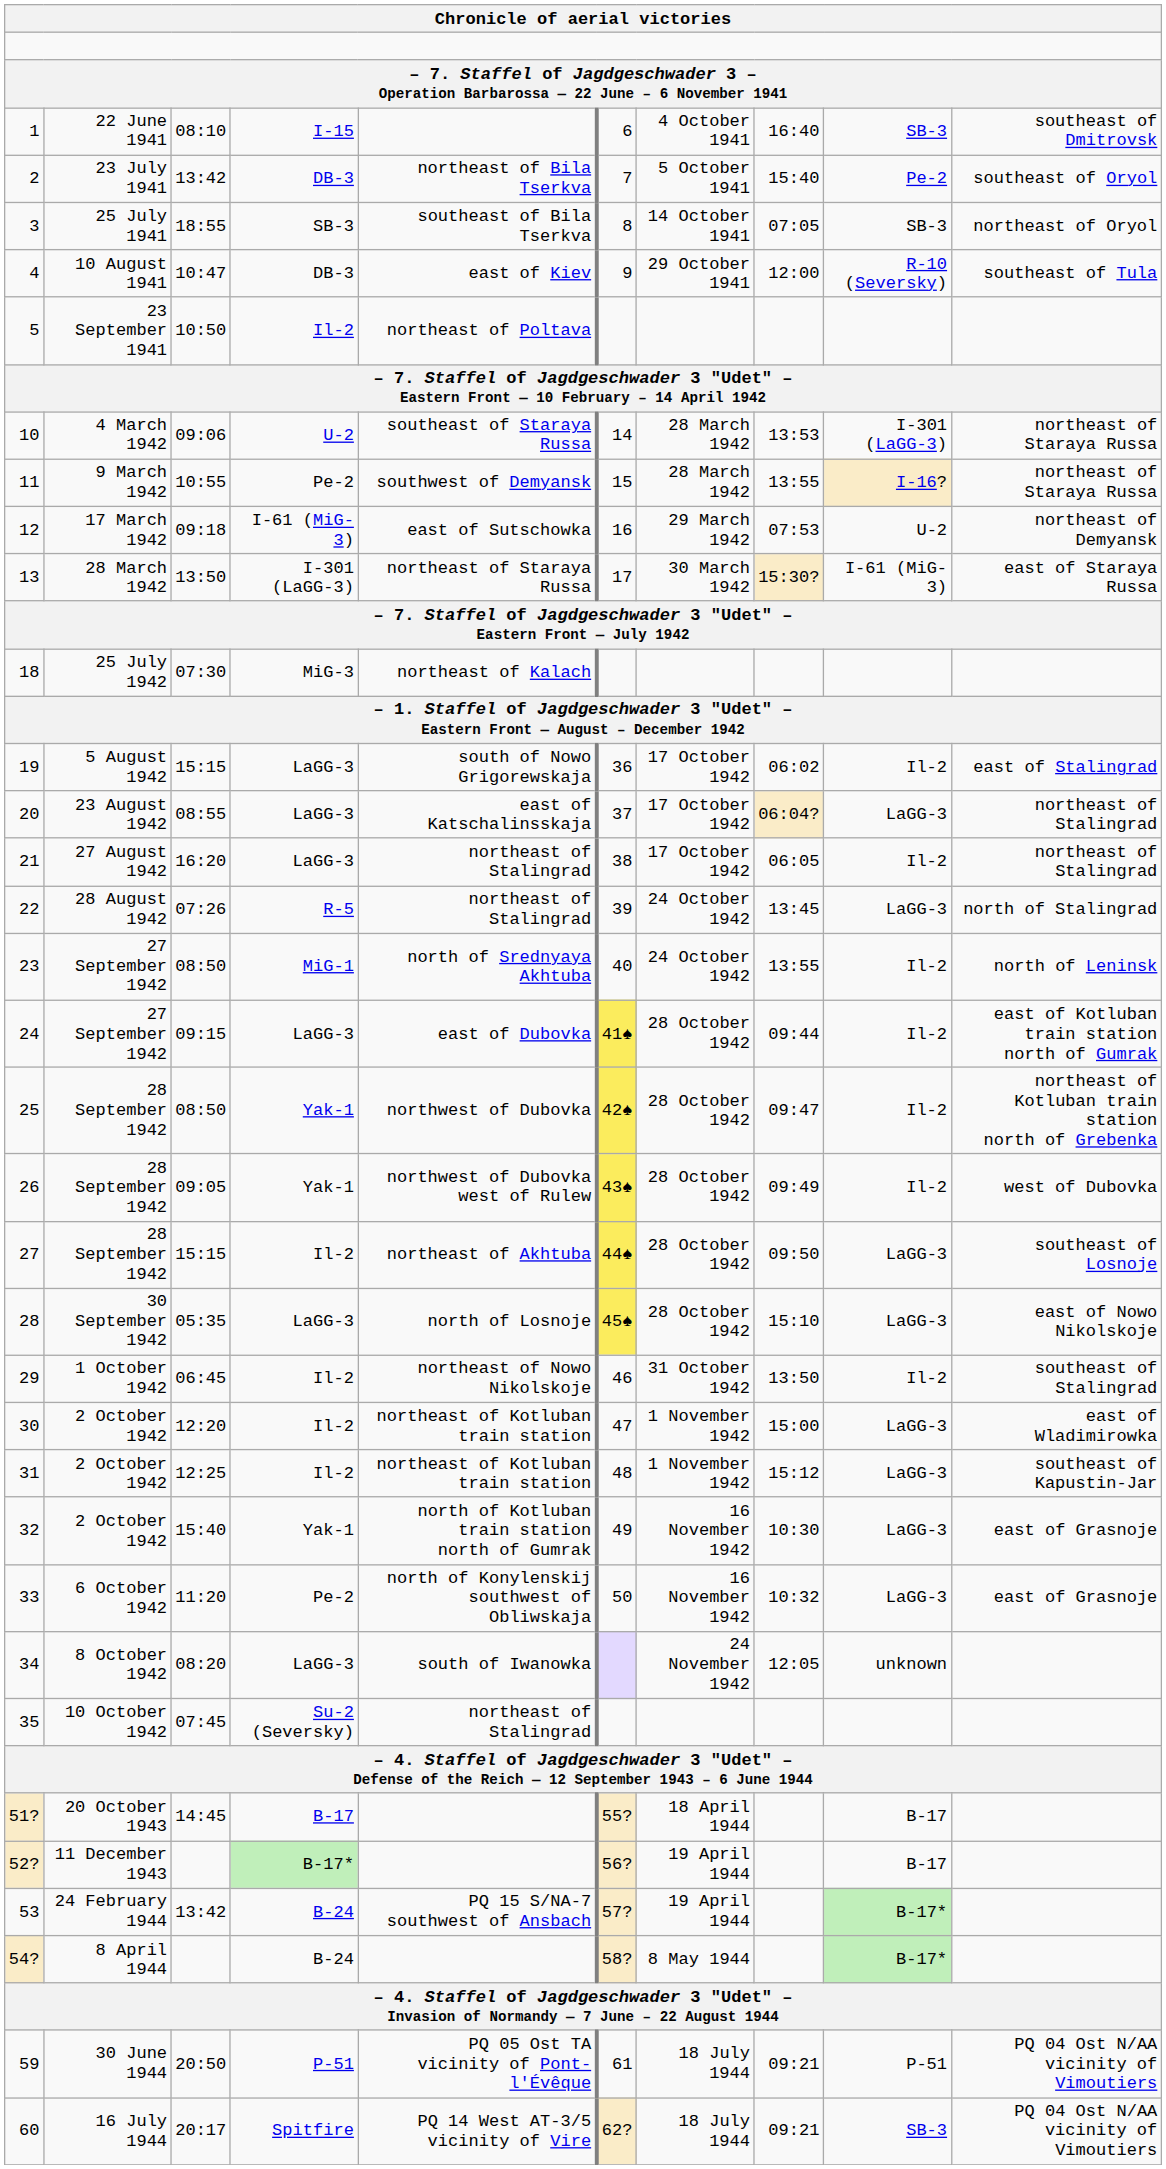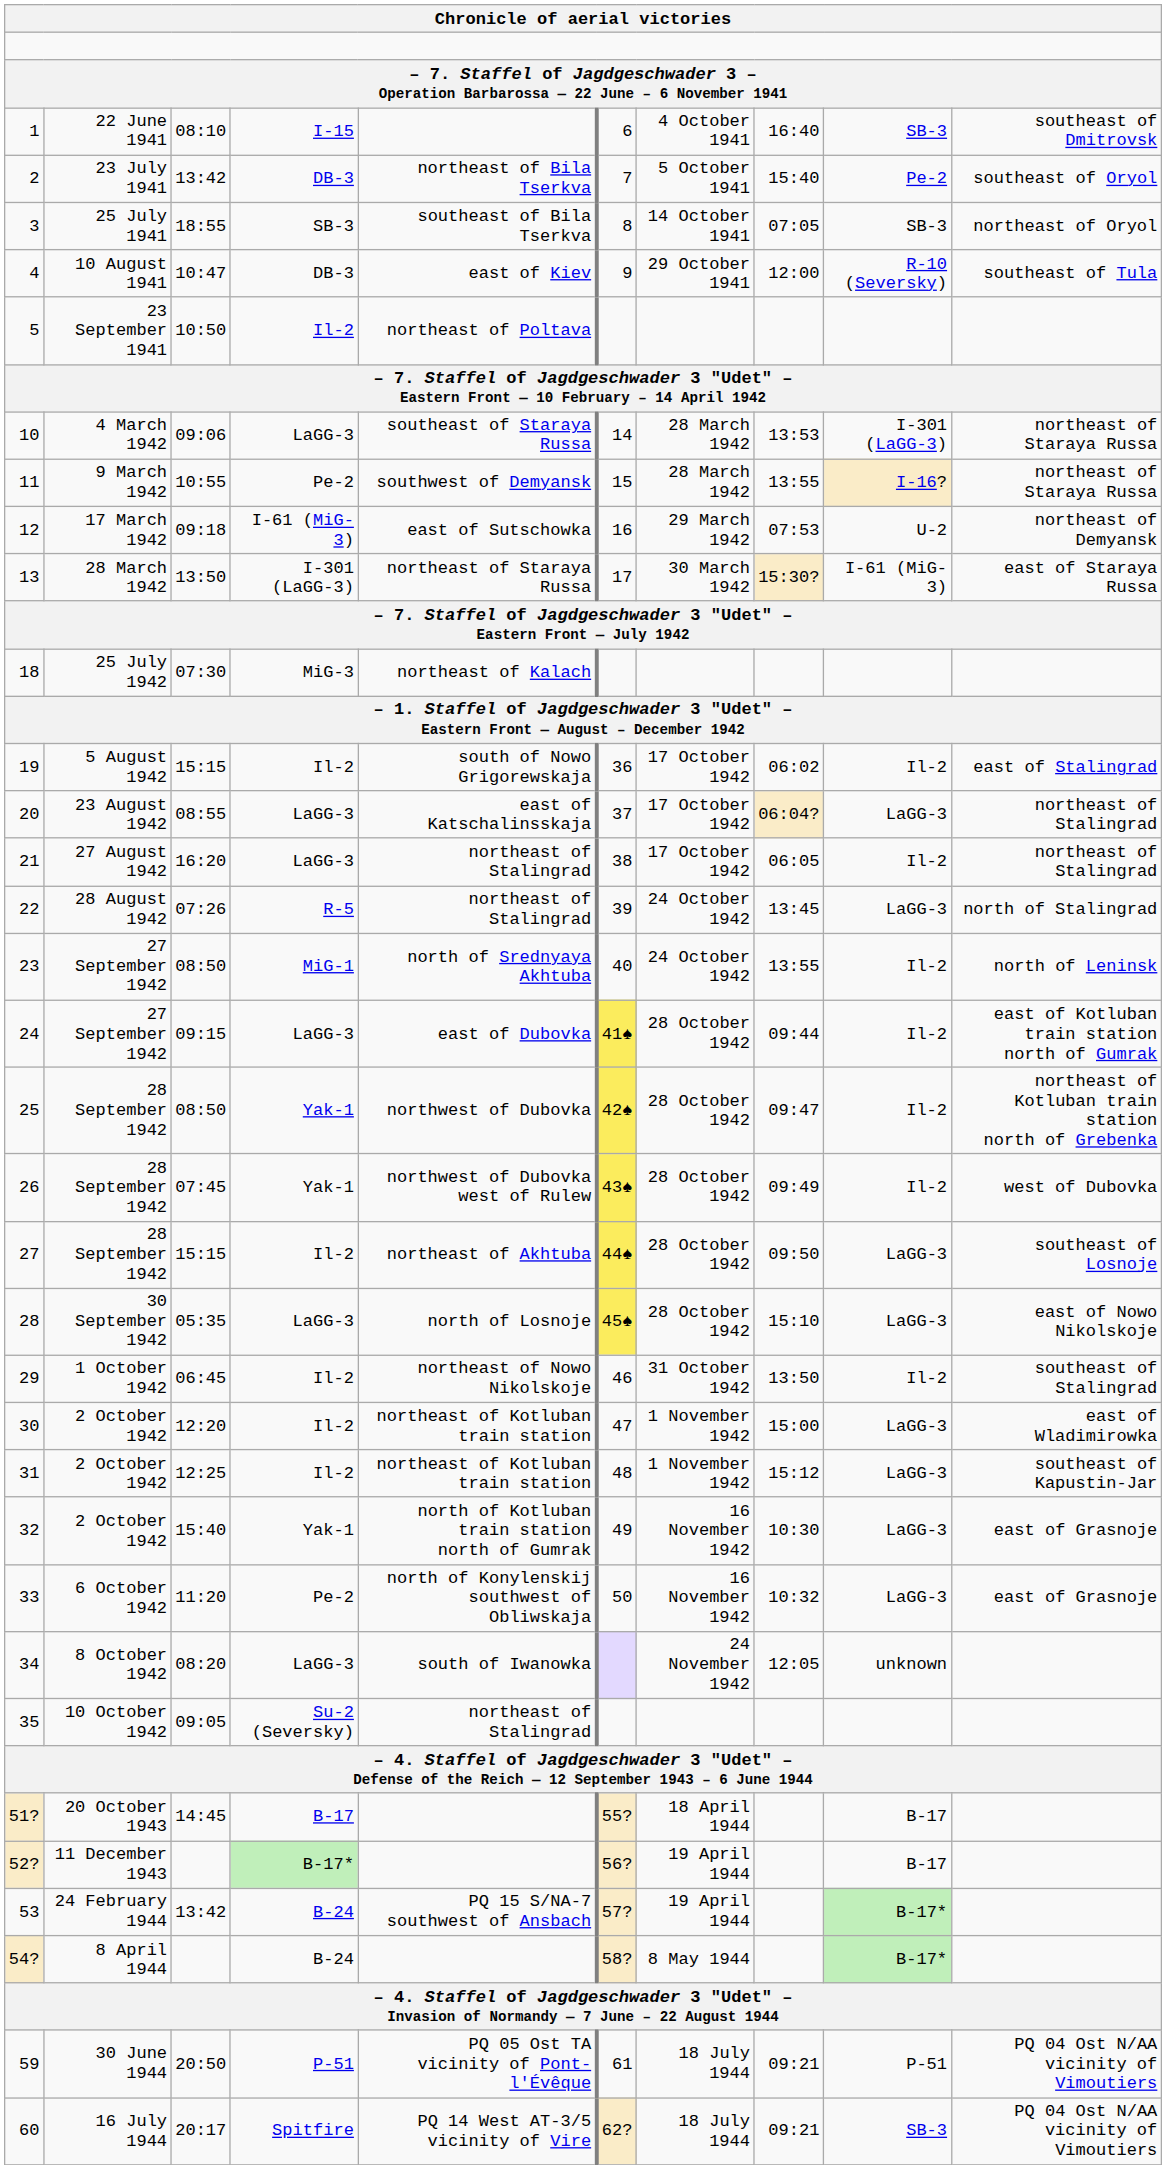 <table class="wikitable plainrowheaders collapsible" style="margin-left: auto; margin-right: auto; border: none; text-align:right; width: 100%;">
 <tr>
 <th colspan="10">Chronicle of aerial victories</th>
 </tr>
 <tr>
 <td colspan="10" style="text-align: left;"><br>   </td>
 </tr>
 <tr>
 <th colspan="10">– 7. <em>Staffel</em> of <em>Jagdgeschwader</em> 3 –<br><small>Operation Barbarossa — 22 June – 6 November 1941</small></th>
 </tr>
 <tr>
 <td>1</td>
 <td>22 June 1941</td>
 <td>08:10</td>
 <td><a href='#'>I-15</a></td>
 <td></td>
 <td style="border-left: 3px solid grey;">6</td>
 <td>4 October 1941</td>
 <td>16:40</td>
 <td><a href='#'>SB-3</a></td>
 <td> southeast of <a href='#'>Dmitrovsk</a></td>
 </tr>
 <tr>
 <td>2</td>
 <td>23 July 1941</td>
 <td>13:42</td>
 <td><a href='#'>DB-3</a></td>
 <td> northeast of <a href='#'>Bila Tserkva</a></td>
 <td style="border-left: 3px solid grey;">7</td>
 <td>5 October 1941</td>
 <td>15:40</td>
 <td><a href='#'>Pe-2</a></td>
 <td> southeast of <a href='#'>Oryol</a></td>
 </tr>
 <tr>
 <td>3</td>
 <td>25 July 1941</td>
 <td>18:55</td>
 <td>SB-3</td>
 <td> southeast of Bila Tserkva</td>
 <td style="border-left: 3px solid grey;">8</td>
 <td>14 October 1941</td>
 <td>07:05</td>
 <td>SB-3</td>
 <td> northeast of Oryol</td>
 </tr>
 <tr>
 <td>4</td>
 <td>10 August 1941</td>
 <td>10:47</td>
 <td>DB-3</td>
 <td> east of <a href='#'>Kiev</a></td>
 <td style="border-left: 3px solid grey;">9</td>
 <td>29 October 1941</td>
 <td>12:00</td>
 <td><a href='#'>R-10</a> (<a href='#'>Seversky</a>)</td>
 <td> southeast of <a href='#'>Tula</a></td>
 </tr>
 <tr>
 <td>5</td>
 <td>23 September 1941</td>
 <td>10:50</td>
 <td><a href='#'>Il-2</a></td>
 <td> northeast of <a href='#'>Poltava</a></td>
 <td style="border-left: 3px solid grey;"></td>
 <td></td>
 <td></td>
 <td></td>
 <td></td>
 </tr>
 <tr>
 <th colspan="10">– 7. <em>Staffel</em> of <em>Jagdgeschwader</em> 3 "Udet" –<br><small>Eastern Front — 10 February – 14 April 1942</small></th>
 </tr>
 <tr>
 <td>10</td>
 <td>4 March 1942</td>
 <td>09:06</td>
-<td><a href='#'>U-2</a></td>
+<td>LaGG-3</td>
 <td> southeast of <a href='#'>Staraya Russa</a></td>
 <td style="border-left: 3px solid grey;">14</td>
 <td>28 March 1942</td>
 <td>13:53</td>
 <td>I-301 (<a href='#'>LaGG-3</a>)</td>
 <td> northeast of Staraya Russa</td>
 </tr>
 <tr>
 <td>11</td>
 <td>9 March 1942</td>
 <td>10:55</td>
 <td>Pe-2</td>
 <td> southwest of <a href='#'>Demyansk</a></td>
 <td style="border-left: 3px solid grey;">15</td>
 <td>28 March 1942</td>
 <td>13:55</td>
 <td style="background:#faecc8"><a href='#'>I-16</a>?</td>
 <td> northeast of Staraya Russa</td>
 </tr>
 <tr>
 <td>12</td>
 <td>17 March 1942</td>
 <td>09:18</td>
 <td>I-61 (<a href='#'>MiG-3</a>)</td>
 <td> east of Sutschowka</td>
 <td style="border-left: 3px solid grey;">16</td>
 <td>29 March 1942</td>
 <td>07:53</td>
 <td>U-2</td>
 <td> northeast of Demyansk</td>
 </tr>
 <tr>
 <td>13</td>
 <td>28 March 1942</td>
 <td>13:50</td>
 <td>I-301 (LaGG-3)</td>
 <td> northeast of Staraya Russa</td>
 <td style="border-left: 3px solid grey;">17</td>
 <td>30 March 1942</td>
 <td style="background:#faecc8">15:30?</td>
 <td>I-61 (MiG-3)</td>
 <td> east of Staraya Russa</td>
 </tr>
 <tr>
 <th colspan="10">– 7. <em>Staffel</em> of <em>Jagdgeschwader</em> 3 "Udet" –<br><small>Eastern Front — July 1942</small></th>
 </tr>
 <tr>
 <td>18</td>
 <td>25 July 1942</td>
 <td>07:30</td>
 <td>MiG-3</td>
 <td>northeast of <a href='#'>Kalach</a></td>
 <td style="border-left: 3px solid grey;"></td>
 <td></td>
 <td></td>
 <td></td>
 <td></td>
 </tr>
 <tr>
 <th colspan="10">– 1. <em>Staffel</em> of <em>Jagdgeschwader</em> 3 "Udet" –<br><small>Eastern Front — August – December 1942</small></th>
 </tr>
 <tr>
 <td>19</td>
 <td>5 August 1942</td>
 <td>15:15</td>
-<td>LaGG-3</td>
+<td>Il-2</td>
 <td> south of Nowo Grigorewskaja</td>
 <td style="border-left: 3px solid grey;">36</td>
 <td>17 October 1942</td>
 <td>06:02</td>
 <td>Il-2</td>
 <td> east of <a href='#'>Stalingrad</a></td>
 </tr>
 <tr>
 <td>20</td>
 <td>23 August 1942</td>
 <td>08:55</td>
 <td>LaGG-3</td>
 <td> east of Katschalinsskaja</td>
 <td style="border-left: 3px solid grey;">37</td>
 <td>17 October 1942</td>
 <td style="background:#faecc8">06:04?</td>
 <td>LaGG-3</td>
 <td> northeast of Stalingrad</td>
 </tr>
 <tr>
 <td>21</td>
 <td>27 August 1942</td>
 <td>16:20</td>
 <td>LaGG-3</td>
 <td> northeast of Stalingrad</td>
 <td style="border-left: 3px solid grey;">38</td>
 <td>17 October 1942</td>
 <td>06:05</td>
 <td>Il-2</td>
 <td> northeast of Stalingrad</td>
 </tr>
 <tr>
 <td>22</td>
 <td>28 August 1942</td>
 <td>07:26</td>
 <td><a href='#'>R-5</a></td>
 <td> northeast of Stalingrad</td>
 <td style="border-left: 3px solid grey;">39</td>
 <td>24 October 1942</td>
 <td>13:45</td>
 <td>LaGG-3</td>
 <td> north of Stalingrad</td>
 </tr>
 <tr>
 <td>23</td>
 <td>27 September 1942</td>
 <td>08:50</td>
 <td><a href='#'>MiG-1</a></td>
 <td> north of <a href='#'>Srednyaya Akhtuba</a></td>
 <td style="border-left: 3px solid grey;">40</td>
 <td>24 October 1942</td>
 <td>13:55</td>
 <td>Il-2</td>
 <td> north of <a href='#'>Leninsk</a></td>
 </tr>
 <tr>
 <td>24</td>
 <td>27 September 1942</td>
 <td>09:15</td>
 <td>LaGG-3</td>
 <td> east of <a href='#'>Dubovka</a></td>
 <td style="border-left: 3px solid grey; background:#fbec5d;">41♠</td>
 <td>28 October 1942</td>
 <td>09:44</td>
 <td>Il-2</td>
 <td> east of Kotluban train station<br> north of <a href='#'>Gumrak</a></td>
 </tr>
 <tr>
 <td>25</td>
 <td>28 September 1942</td>
 <td>08:50</td>
 <td><a href='#'>Yak-1</a></td>
 <td> northwest of Dubovka</td>
 <td style="border-left: 3px solid grey; background:#fbec5d;">42♠</td>
 <td>28 October 1942</td>
 <td>09:47</td>
 <td>Il-2</td>
 <td> northeast of Kotluban train station<br> north of <a href='#'>Grebenka</a></td>
 </tr>
 <tr>
 <td>26</td>
 <td>28 September 1942</td>
-<td>09:05</td>
+<td>07:45</td>
 <td>Yak-1</td>
 <td> northwest of Dubovka<br>west of Rulew</td>
 <td style="border-left: 3px solid grey; background:#fbec5d;">43♠</td>
 <td>28 October 1942</td>
 <td>09:49</td>
 <td>Il-2</td>
 <td> west of Dubovka</td>
 </tr>
 <tr>
 <td>27</td>
 <td>28 September 1942</td>
 <td>15:15</td>
 <td>Il-2</td>
 <td> northeast of <a href='#'>Akhtuba</a></td>
 <td style="border-left: 3px solid grey; background:#fbec5d;">44♠</td>
 <td>28 October 1942</td>
 <td>09:50</td>
 <td>LaGG-3</td>
 <td> southeast of <a href='#'>Losnoje</a></td>
 </tr>
 <tr>
 <td>28</td>
 <td>30 September 1942</td>
 <td>05:35</td>
 <td>LaGG-3</td>
 <td> north of Losnoje</td>
 <td style="border-left: 3px solid grey; background:#fbec5d;">45♠</td>
 <td>28 October 1942</td>
 <td>15:10</td>
 <td>LaGG-3</td>
 <td> east of Nowo Nikolskoje</td>
 </tr>
 <tr>
 <td>29</td>
 <td>1 October 1942</td>
 <td>06:45</td>
 <td>Il-2</td>
 <td> northeast of Nowo Nikolskoje</td>
 <td style="border-left: 3px solid grey;">46</td>
 <td>31 October 1942</td>
 <td>13:50</td>
 <td>Il-2</td>
 <td> southeast of Stalingrad</td>
 </tr>
 <tr>
 <td>30</td>
 <td>2 October 1942</td>
 <td>12:20</td>
 <td>Il-2</td>
 <td> northeast of Kotluban train station</td>
 <td style="border-left: 3px solid grey;">47</td>
 <td>1 November 1942</td>
 <td>15:00</td>
 <td>LaGG-3</td>
 <td> east of Wladimirowka</td>
 </tr>
 <tr>
 <td>31</td>
 <td>2 October 1942</td>
 <td>12:25</td>
 <td>Il-2</td>
 <td> northeast of Kotluban train station</td>
 <td style="border-left: 3px solid grey;">48</td>
 <td>1 November 1942</td>
 <td>15:12</td>
 <td>LaGG-3</td>
 <td> southeast of Kapustin-Jar</td>
 </tr>
 <tr>
 <td>32</td>
 <td>2 October 1942</td>
 <td>15:40</td>
 <td>Yak-1</td>
 <td> north of Kotluban train station<br> north of Gumrak</td>
 <td style="border-left: 3px solid grey;">49</td>
 <td>16 November 1942</td>
 <td>10:30</td>
 <td>LaGG-3</td>
 <td> east of Grasnoje</td>
 </tr>
 <tr>
 <td>33</td>
 <td>6 October 1942</td>
 <td>11:20</td>
 <td>Pe-2</td>
 <td> north of Konylenskij<br> southwest of Obliwskaja</td>
 <td style="border-left: 3px solid grey;">50</td>
 <td>16 November 1942</td>
 <td>10:32</td>
 <td>LaGG-3</td>
 <td> east of Grasnoje</td>
 </tr>
 <tr>
 <td>34</td>
 <td>8 October 1942</td>
 <td>08:20</td>
 <td>LaGG-3</td>
 <td> south of Iwanowka</td>
 <td style="border-left: 3px solid grey; background:#e3d9ff;"></td>
 <td>24 November 1942</td>
 <td>12:05</td>
 <td>unknown</td>
 <td></td>
 </tr>
 <tr>
 <td>35</td>
 <td>10 October 1942</td>
-<td>07:45</td>
+<td>09:05</td>
 <td><a href='#'>Su-2</a> (Seversky)</td>
 <td> northeast of Stalingrad</td>
 <td style="border-left: 3px solid grey;"></td>
 <td></td>
 <td></td>
 <td></td>
 <td></td>
 </tr>
 <tr>
 <th colspan="10">– 4. <em>Staffel</em> of <em>Jagdgeschwader</em> 3 "Udet" –<br><small>Defense of the Reich — 12 September 1943 – 6 June 1944</small></th>
 </tr>
 <tr>
 <td style="background:#faecc8">51?</td>
 <td>20 October 1943</td>
 <td>14:45</td>
 <td><a href='#'>B-17</a></td>
 <td></td>
 <td style="border-left: 3px solid grey; background:#faecc8">55?</td>
 <td>18 April 1944</td>
 <td></td>
 <td>B-17</td>
 <td></td>
 </tr>
 <tr>
 <td style="background:#faecc8">52?</td>
 <td>11 December 1943</td>
 <td></td>
 <td style="background:#C0EFBA">B-17*</td>
 <td></td>
 <td style="border-left: 3px solid grey; background:#faecc8">56?</td>
 <td>19 April 1944</td>
 <td></td>
 <td>B-17</td>
 <td></td>
 </tr>
 <tr>
 <td>53</td>
 <td>24 February 1944</td>
 <td>13:42</td>
 <td><a href='#'>B-24</a></td>
 <td>PQ 15 S/NA-7<br>southwest of <a href='#'>Ansbach</a></td>
 <td style="border-left: 3px solid grey; background:#faecc8">57?</td>
 <td>19 April 1944</td>
 <td></td>
 <td style="background:#C0EFBA">B-17*</td>
 <td></td>
 </tr>
 <tr>
 <td style="background:#faecc8">54?</td>
 <td>8 April 1944</td>
 <td></td>
 <td>B-24</td>
 <td></td>
 <td style="border-left: 3px solid grey; background:#faecc8">58?</td>
 <td>8 May 1944</td>
 <td></td>
 <td style="background:#C0EFBA">B-17*</td>
 <td></td>
 </tr>
 <tr>
 <th colspan="10">– 4. <em>Staffel</em> of <em>Jagdgeschwader</em> 3 "Udet" –<br><small>Invasion of Normandy — 7 June – 22 August 1944</small></th>
 </tr>
 <tr>
 <td>59</td>
 <td>30 June 1944</td>
 <td>20:50</td>
 <td><a href='#'>P-51</a></td>
 <td>PQ 05 Ost TA<br>vicinity of <a href='#'>Pont-l'Évêque</a></td>
 <td style="border-left: 3px solid grey;">61</td>
 <td>18 July 1944</td>
 <td>09:21</td>
 <td>P-51</td>
 <td>PQ 04 Ost N/AA<br>vicinity of <a href='#'>Vimoutiers</a></td>
 </tr>
 <tr>
 <td>60</td>
 <td>16 July 1944</td>
 <td>20:17</td>
 <td><a href='#'>Spitfire</a></td>
 <td>PQ 14 West AT-3/5<br>vicinity of <a href='#'>Vire</a></td>
 <td style="border-left: 3px solid grey; background:#faecc8">62?</td>
 <td>18 July 1944</td>
 <td>09:21</td>
 <td><a href='#'>SB-3</a></td>
 <td>PQ 04 Ost N/AA<br>vicinity of Vimoutiers</td>
 </tr>
 </table>
